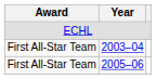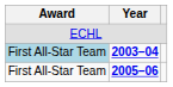 <table class="wikitable">
 <tr>
 <th>Award</th>
 <th>Year</th>
 <th></th>
 </tr>
 <tr ALIGN="center" bgcolor="#e0e0e0">
 <td colspan="3"><a href='#'>ECHL</a></td>
 </tr>
 <tr>
-<td>First All-Star Team</td>
-<td><a href='#'>2003–04</a></td>
+<td style="background: lightblue;">First All-Star Team</td>
+<td><strong><a href='#'>2003–04</a></strong></td>
 <td></td>
 </tr>
 <tr>
 <td>First All-Star Team</td>
-<td><a href='#'>2005–06</a></td>
+<td><strong><a href='#'>2005–06</a></strong></td>
 <td></td>
 </tr>
 </table>
